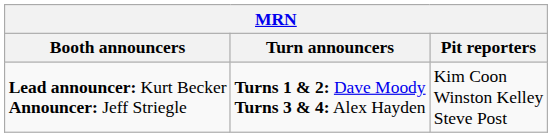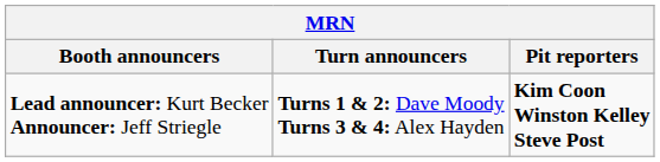 <table class="wikitable" style="font-size: 95%;">
 <tr>
 <th colspan="3"><a href='#'>MRN</a></th>
 </tr>
 <tr>
 <th>Booth announcers</th>
 <th>Turn announcers</th>
 <th>Pit reporters</th>
 </tr>
 <tr>
 <td><strong>Lead announcer:</strong> Kurt Becker<br><strong>Announcer:</strong> Jeff Striegle</td>
 <td><strong>Turns 1 & 2:</strong> <a href='#'>Dave Moody</a><br><strong>Turns 3 & 4:</strong> Alex Hayden</td>
-<td>Kim Coon<br>Winston Kelley<br>Steve Post</td>
+<td><strong>Kim Coon<br>Winston Kelley<br>Steve Post</strong></td>
 </tr>
 </table>
